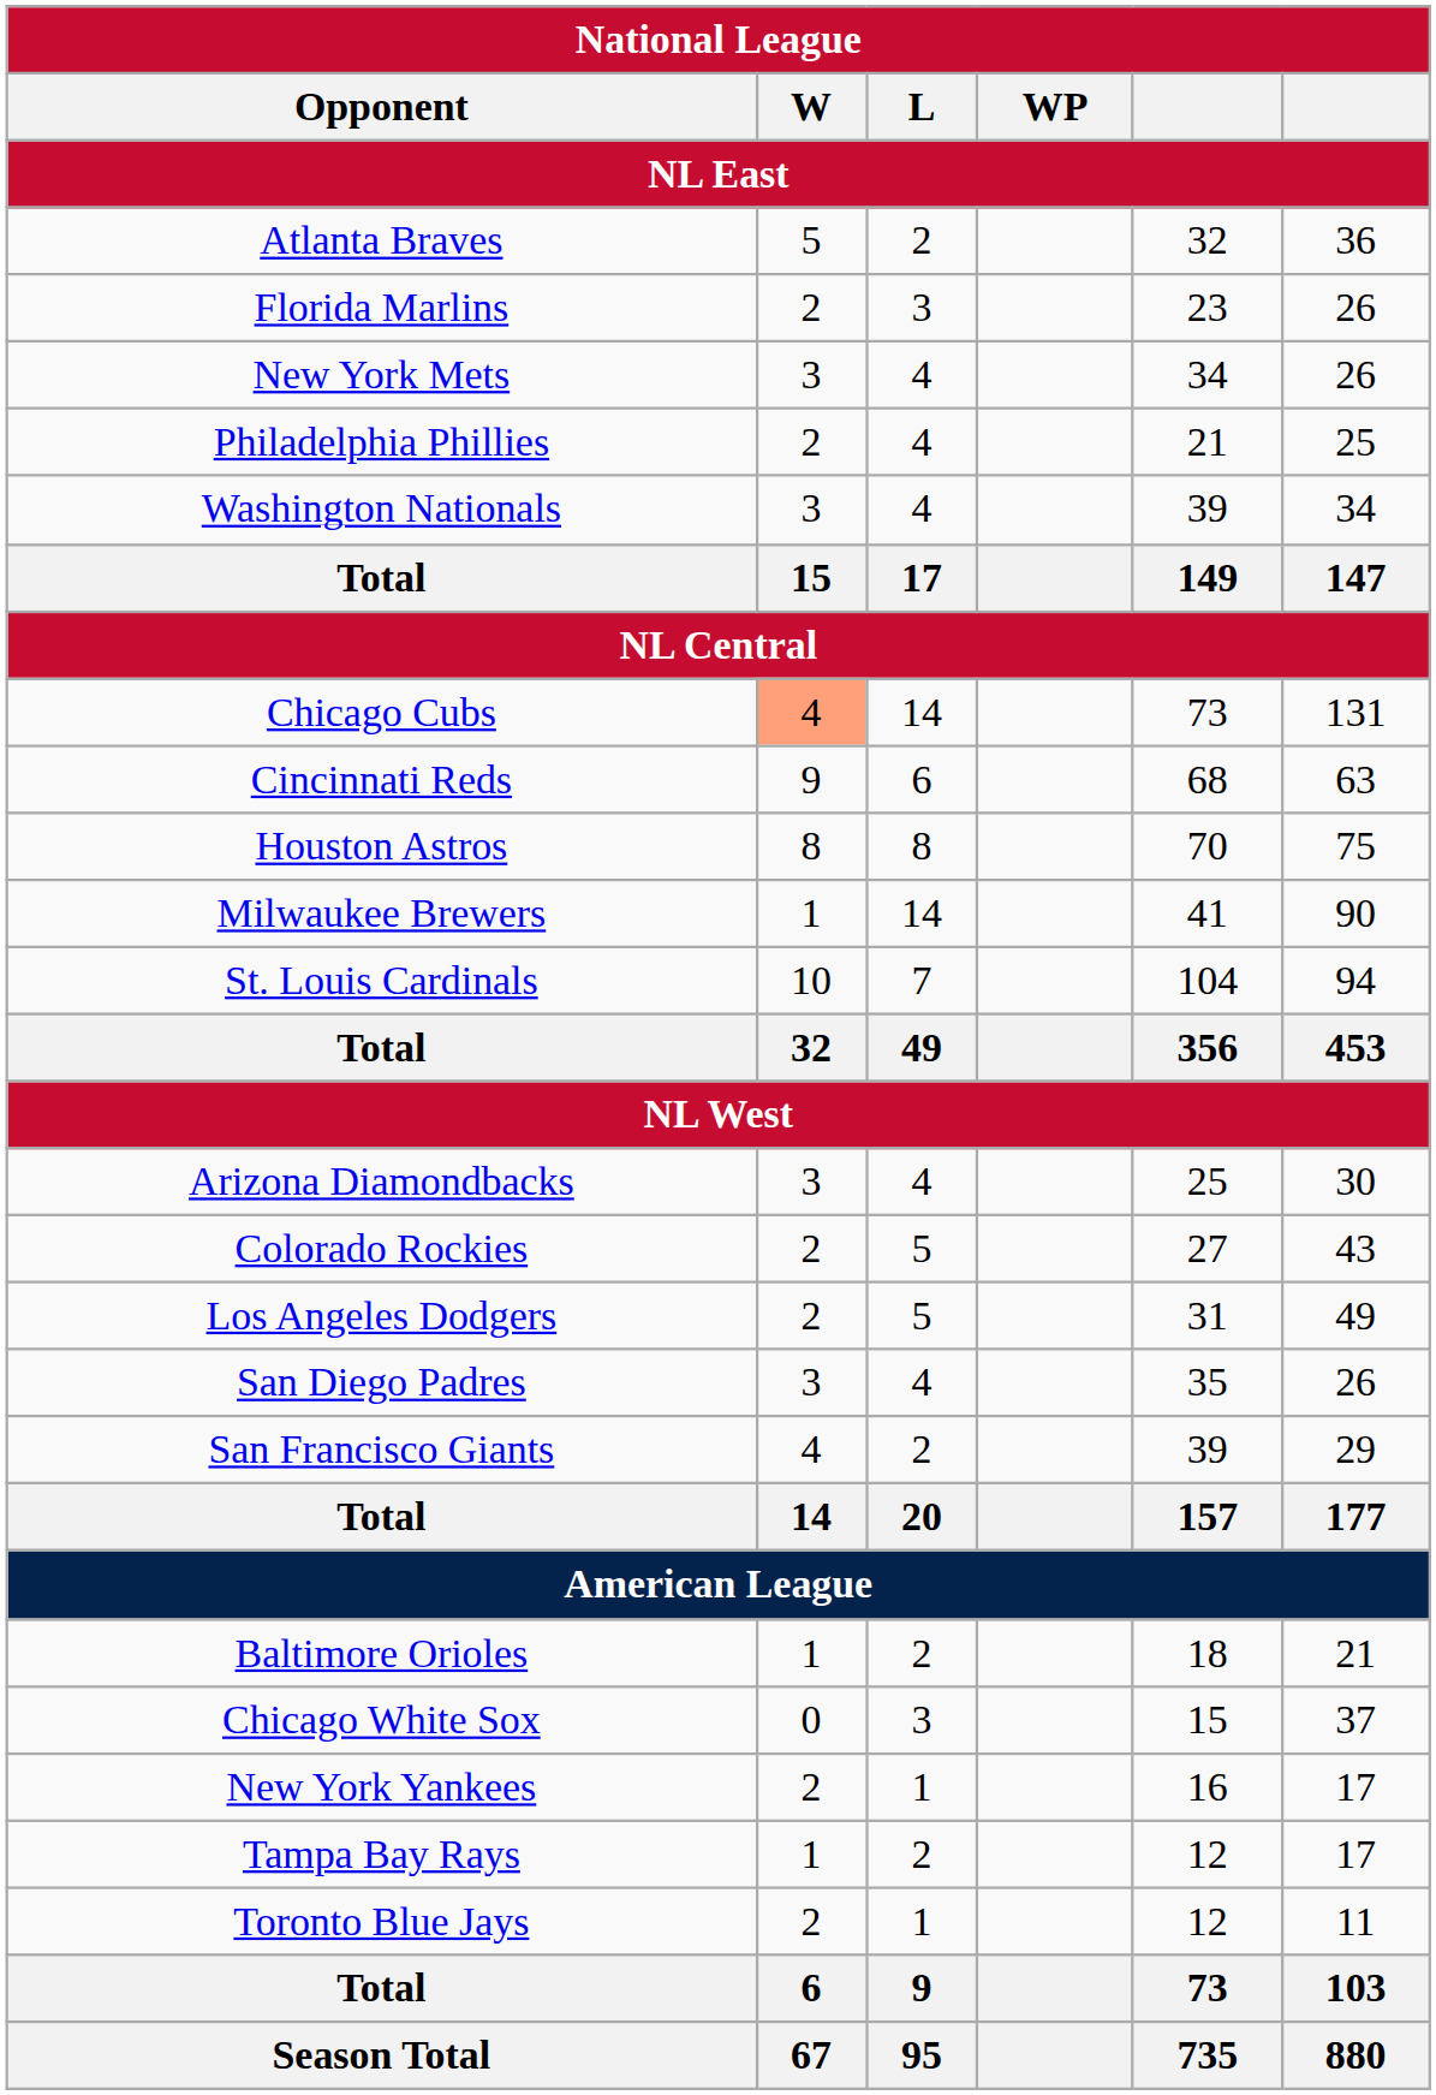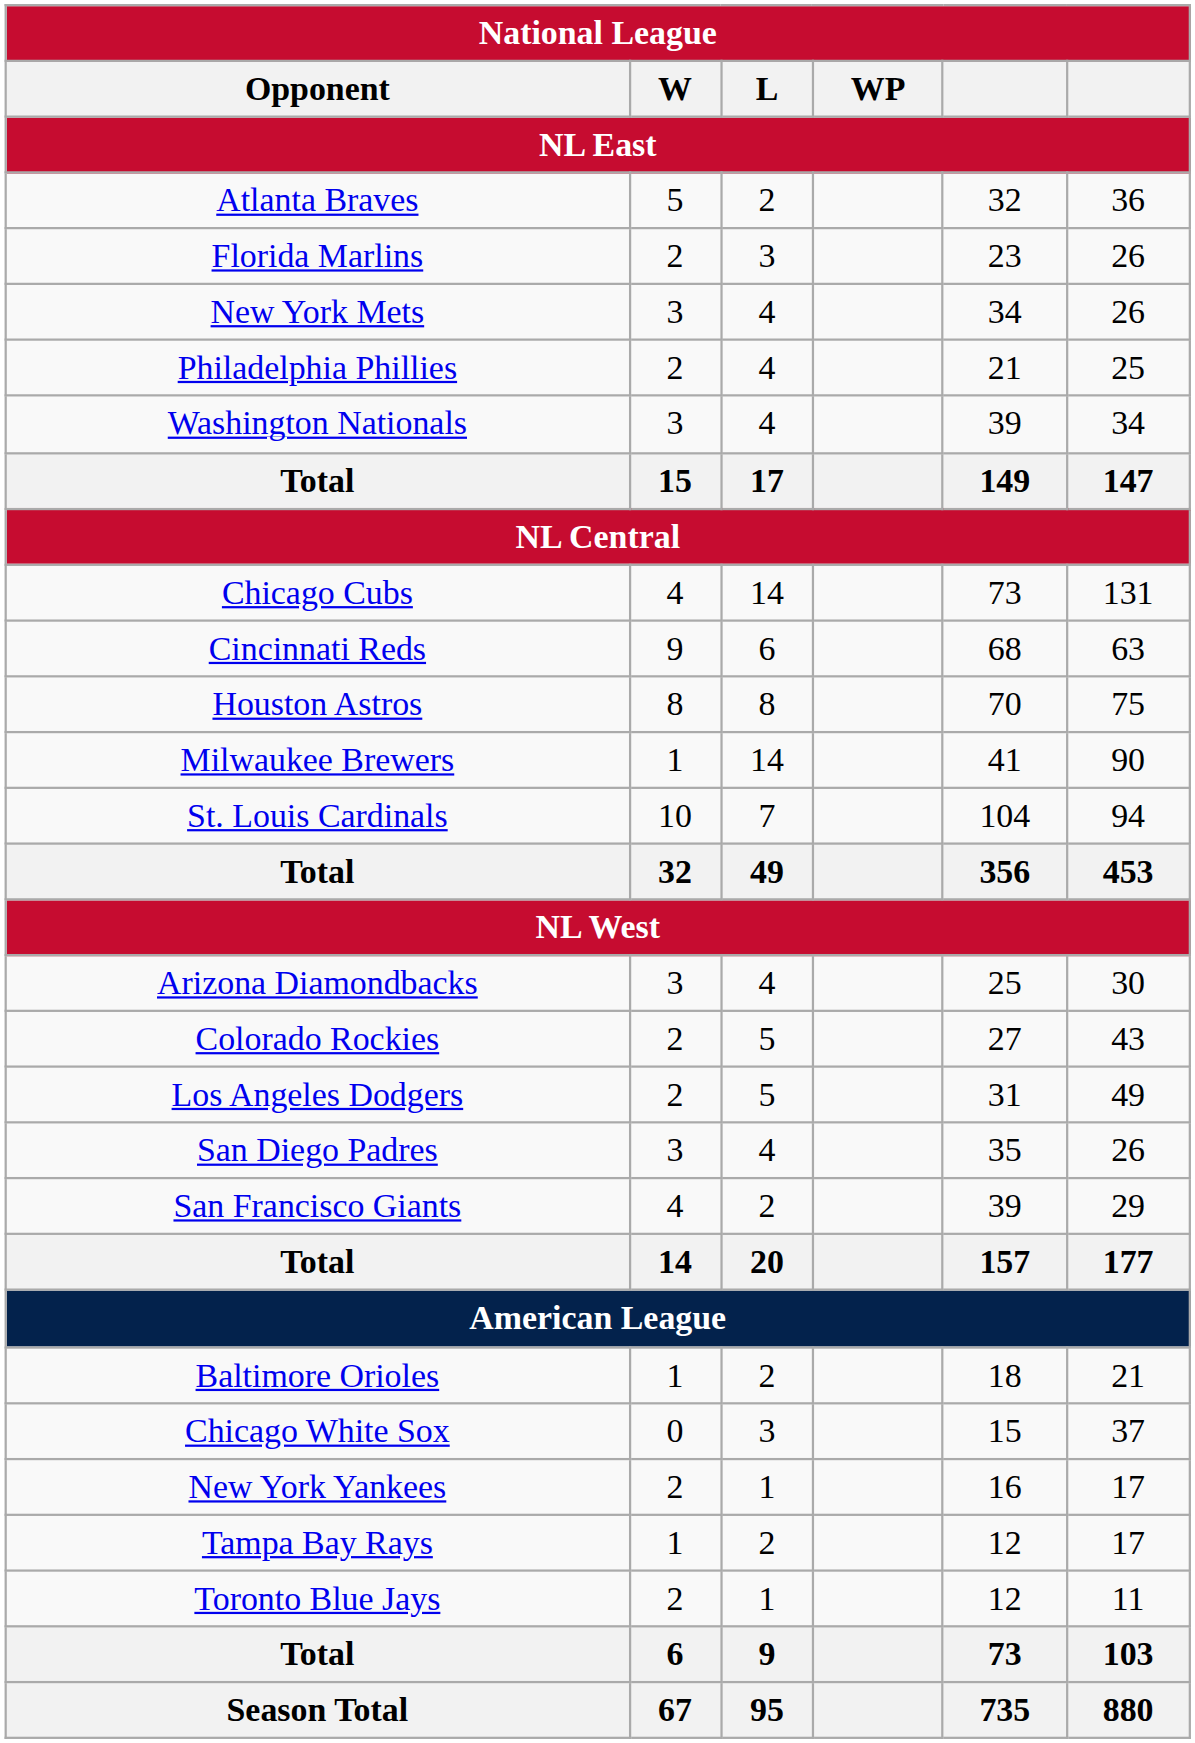 <table class="wikitable" style="font-size:95%; text-align:center; width:35em;margin:0.5em auto;">
 <tr>
 <td colspan="7" style="background:#c60c30;color:#fff"><strong>National League</strong></td>
 </tr>
 <tr>
 <th>Opponent</th>
 <th>W</th>
 <th>L</th>
 <th>WP</th>
 <th></th>
 <th></th>
 </tr>
 <tr>
 <td colspan="7" style="background:#c60c30;color:#fff"><strong>NL East</strong></td>
 </tr>
 <tr>
 <td><a href='#'>Atlanta Braves</a></td>
 <td>5</td>
 <td>2</td>
 <td></td>
 <td>32</td>
 <td>36</td>
 </tr>
 <tr>
 <td><a href='#'>Florida Marlins</a></td>
 <td>2</td>
 <td>3</td>
 <td></td>
 <td>23</td>
 <td>26</td>
 </tr>
 <tr>
 <td><a href='#'>New York Mets</a></td>
 <td>3</td>
 <td>4</td>
 <td></td>
 <td>34</td>
 <td>26</td>
 </tr>
 <tr>
 <td><a href='#'>Philadelphia Phillies</a></td>
 <td>2</td>
 <td>4</td>
 <td></td>
 <td>21</td>
 <td>25</td>
 </tr>
 <tr>
 <td><a href='#'>Washington Nationals</a></td>
 <td>3</td>
 <td>4</td>
 <td></td>
 <td>39</td>
 <td>34</td>
 </tr>
 <tr>
 <th>Total</th>
 <th>15</th>
 <th>17</th>
 <th></th>
 <th>149</th>
 <th>147</th>
 </tr>
 <tr>
 <td colspan="7" style="background:#c60c30;color:#fff"><strong>NL Central</strong></td>
 </tr>
 <tr>
 <td><a href='#'>Chicago Cubs</a></td>
-<td style="background: lightsalmon;">4</td>
+<td>4</td>
 <td>14</td>
 <td></td>
 <td>73</td>
 <td>131</td>
 </tr>
 <tr>
 <td><a href='#'>Cincinnati Reds</a></td>
 <td>9</td>
 <td>6</td>
 <td></td>
 <td>68</td>
 <td>63</td>
 </tr>
 <tr>
 <td><a href='#'>Houston Astros</a></td>
 <td>8</td>
 <td>8</td>
 <td></td>
 <td>70</td>
 <td>75</td>
 </tr>
 <tr>
 <td><a href='#'>Milwaukee Brewers</a></td>
 <td>1</td>
 <td>14</td>
 <td></td>
 <td>41</td>
 <td>90</td>
 </tr>
 <tr>
 <td><a href='#'>St. Louis Cardinals</a></td>
 <td>10</td>
 <td>7</td>
 <td></td>
 <td>104</td>
 <td>94</td>
 </tr>
 <tr>
 <th>Total</th>
 <th>32</th>
 <th>49</th>
 <th></th>
 <th>356</th>
 <th>453</th>
 </tr>
 <tr>
 <td colspan="7" style="background:#c60c30;color:#fff"><strong>NL West</strong></td>
 </tr>
 <tr>
 <td><a href='#'>Arizona Diamondbacks</a></td>
 <td>3</td>
 <td>4</td>
 <td></td>
 <td>25</td>
 <td>30</td>
 </tr>
 <tr>
 <td><a href='#'>Colorado Rockies</a></td>
 <td>2</td>
 <td>5</td>
 <td></td>
 <td>27</td>
 <td>43</td>
 </tr>
 <tr>
 <td><a href='#'>Los Angeles Dodgers</a></td>
 <td>2</td>
 <td>5</td>
 <td></td>
 <td>31</td>
 <td>49</td>
 </tr>
 <tr>
 <td><a href='#'>San Diego Padres</a></td>
 <td>3</td>
 <td>4</td>
 <td></td>
 <td>35</td>
 <td>26</td>
 </tr>
 <tr>
 <td><a href='#'>San Francisco Giants</a></td>
 <td>4</td>
 <td>2</td>
 <td></td>
 <td>39</td>
 <td>29</td>
 </tr>
 <tr>
 <th>Total</th>
 <th>14</th>
 <th>20</th>
 <th></th>
 <th>157</th>
 <th>177</th>
 </tr>
 <tr>
 <td colspan="7" style="background:#03224c;color:#fff"><strong>American League</strong></td>
 </tr>
 <tr>
 <td><a href='#'>Baltimore Orioles</a></td>
 <td>1</td>
 <td>2</td>
 <td></td>
 <td>18</td>
 <td>21</td>
 </tr>
 <tr>
 <td><a href='#'>Chicago White Sox</a></td>
 <td>0</td>
 <td>3</td>
 <td></td>
 <td>15</td>
 <td>37</td>
 </tr>
 <tr>
 <td><a href='#'>New York Yankees</a></td>
 <td>2</td>
 <td>1</td>
 <td></td>
 <td>16</td>
 <td>17</td>
 </tr>
 <tr>
 <td><a href='#'>Tampa Bay Rays</a></td>
 <td>1</td>
 <td>2</td>
 <td></td>
 <td>12</td>
 <td>17</td>
 </tr>
 <tr>
 <td><a href='#'>Toronto Blue Jays</a></td>
 <td>2</td>
 <td>1</td>
 <td></td>
 <td>12</td>
 <td>11</td>
 </tr>
 <tr>
 <th>Total</th>
 <th>6</th>
 <th>9</th>
 <th></th>
 <th>73</th>
 <th>103</th>
 </tr>
 <tr>
 <th>Season Total</th>
 <th>67</th>
 <th>95</th>
 <th></th>
 <th>735</th>
 <th>880</th>
 </tr>
 </table>
